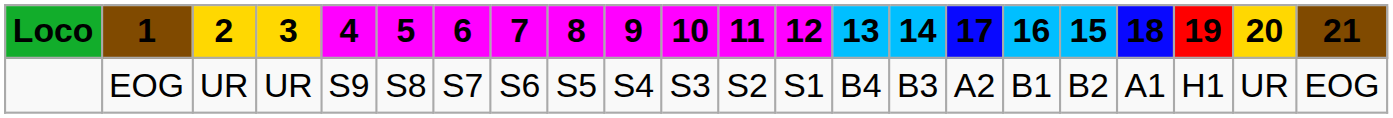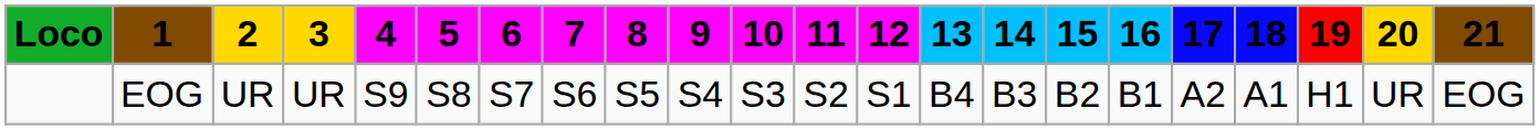 <table class="wikitable plainrowheaders unsortable" style="text-align:center">
 <tr>
 <th scope="col" rowspan="1" style="background:#12ad2b;"><span> Loco</span></th>
 <th scope="col" rowspan="1" style="background:#804a00;"><span> 1</span></th>
 <th scope="col" rowspan="1" style="background:#ffd801;"><span> 2</span></th>
 <th scope="col" rowspan="1" style="background:#ffd801;"><span> 3</span></th>
 <th scope="col" rowspan="1" style="background:#ff00ff;"><span> 4</span></th>
 <th scope="col" rowspan="1" style="background:#ff00ff;"><span> 5</span></th>
 <th scope="col" rowspan="1" style="background:#ff00ff;"><span> 6</span></th>
 <th scope="col" rowspan="1" style="background:#ff00ff;"><span> 7</span></th>
 <th scope="col" rowspan="1" style="background:#ff00ff;"><span> 8</span></th>
 <th scope="col" rowspan="1" style="background:#ff00ff;"><span> 9</span></th>
 <th scope="col" rowspan="1" style="background:#ff00ff;"><span> 10</span></th>
 <th scope="col" rowspan="1" style="background:#ff00ff;"><span> 11</span></th>
 <th scope="col" rowspan="1" style="background:#ff00ff;"><span> 12</span></th>
 <th scope="col" rowspan="1" style="background:#00bfff;"><span> 13</span></th>
 <th scope="col" rowspan="1" style="background:#00bfff;"><span> 14</span></th>
+<th scope="col" rowspan="1" style="background:#00bfff;"><span> 15</span></th>
+<th scope="col" rowspan="1" style="background:#00bfff;"><span> 16</span></th>
 <th scope="col" rowspan="1" style="background:#0909ff;"><span> 17</span></th>
-<th scope="col" rowspan="1" style="background:#00bfff;"><span> 16</span></th>
-<th scope="col" rowspan="1" style="background:#00bfff;"><span> 15</span></th>
 <th scope="col" rowspan="1" style="background:#0909ff;"><span> 18</span></th>
 <th scope="col" rowspan="1" style="background:#ff0000;"><span> 19</span></th>
 <th scope="col" rowspan="1" style="background:#ffd801;"><span> 20</span></th>
 <th scope="col" rowspan="1" style="background:#804a00;"><span> 21</span></th>
 </tr>
 <tr>
 <td></td>
 <td><span> EOG</span></td>
 <td><span>UR</span></td>
 <td><span>UR</span></td>
 <td><span>S9</span></td>
 <td><span>S8</span></td>
 <td><span>S7</span></td>
 <td><span>S6</span></td>
 <td><span>S5</span></td>
 <td><span>S4</span></td>
 <td><span>S3</span></td>
 <td><span>S2</span></td>
 <td><span>S1</span></td>
 <td><span>B4</span></td>
 <td><span>B3</span></td>
+<td><span>B2</span></td>
+<td><span>B1</span></td>
 <td><span>A2</span></td>
-<td><span>B1</span></td>
-<td><span>B2</span></td>
 <td><span>A1</span></td>
 <td><span>H1</span></td>
 <td><span>UR</span></td>
 <td><span>EOG</span></td>
 </tr>
 </table>
